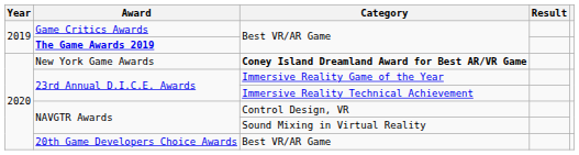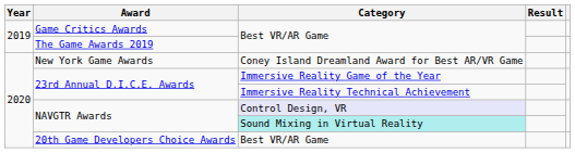 <table class="wikitable sortable">
 <tr>
 <th>Year</th>
 <th>Award</th>
 <th>Category</th>
 <th>Result</th>
 <th></th>
 </tr>
 <tr>
 <td style="text-align:center;" rowspan="2">2019</td>
 <td><a href='#'>Game Critics Awards</a></td>
 <td rowspan="2">Best VR/AR Game</td>
 <td></td>
 <td style="text-align:center;"></td>
 </tr>
 <tr>
-<td><strong><a href='#'>The Game Awards 2019</a></strong></td>
+<td><a href='#'>The Game Awards 2019</a></td>
 <td></td>
 <td style="text-align:center;"></td>
 </tr>
 <tr>
 <td style="text-align:center;" rowspan="6">2020</td>
 <td>New York Game Awards</td>
-<td><strong>Coney Island Dreamland Award for Best AR/VR Game</strong></td>
+<td>Coney Island Dreamland Award for Best AR/VR Game</td>
 <td></td>
 <td style="text-align:center;"></td>
 </tr>
 <tr>
 <td rowspan="2"><a href='#'>23rd Annual D.I.C.E. Awards</a></td>
 <td><a href='#'>Immersive Reality Game of the Year</a></td>
 <td></td>
 <td rowspan="2" style="text-align:center;"></td>
 </tr>
 <tr>
 <td><a href='#'>Immersive Reality Technical Achievement</a></td>
 <td></td>
 </tr>
 <tr>
 <td rowspan="2">NAVGTR Awards</td>
-<td>Control Design, VR</td>
+<td style="background: lavender;">Control Design, VR</td>
 <td></td>
 <td rowspan="2" style="text-align:center;"></td>
 </tr>
 <tr>
-<td>Sound Mixing in Virtual Reality</td>
+<td style="background: paleturquoise;">Sound Mixing in Virtual Reality</td>
 <td></td>
 </tr>
 <tr>
 <td><a href='#'>20th Game Developers Choice Awards</a></td>
 <td>Best VR/AR Game</td>
 <td></td>
 <td style="text-align:center;"></td>
 </tr>
 </table>
